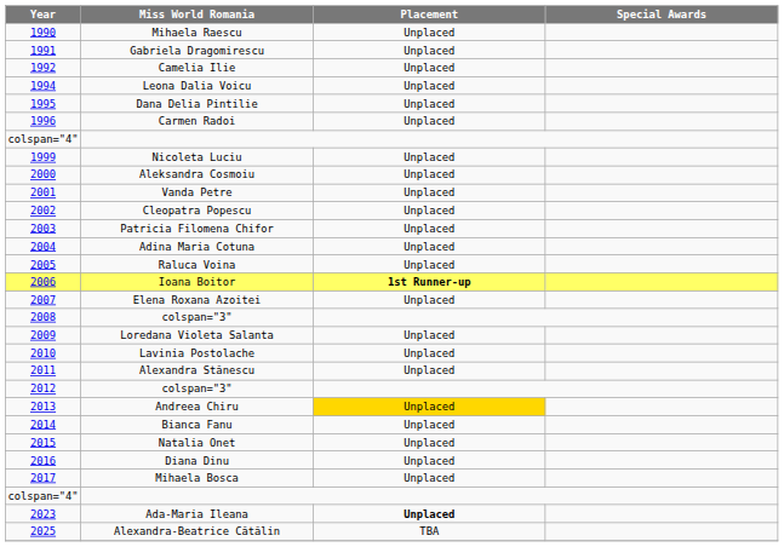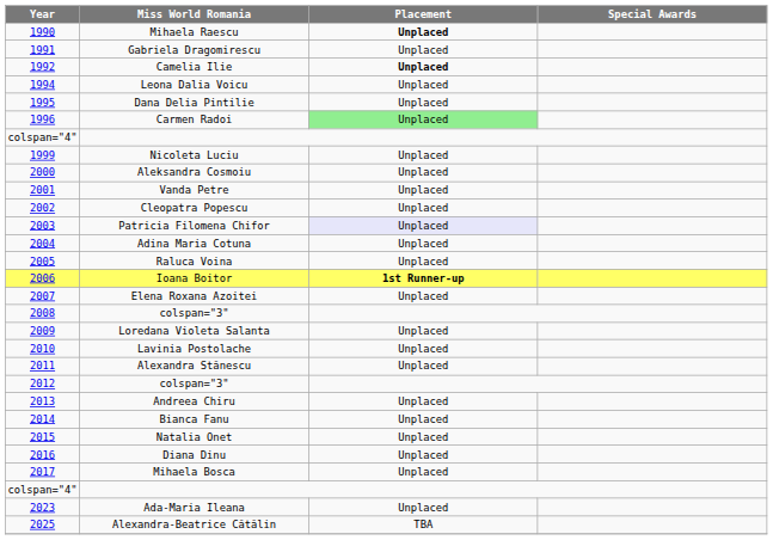 <table class="wikitable sortable" style="font-size: 90%; text-align:center">
 <tr>
 <th width="60" style="background-color:#787878;color:#FFFFFF;">Year</th>
 <th width="250" style="background-color:#787878;color:#FFFFFF;">Miss World Romania</th>
 <th width="250" style="background-color:#787878;color:#FFFFFF;">Placement</th>
 <th width="250" style="background-color:#787878;color:#FFFFFF;">Special Awards</th>
 </tr>
 <tr>
 <td><a href='#'>1990</a></td>
 <td>Mihaela Raescu</td>
-<td>Unplaced</td>
+<td><strong>Unplaced</strong></td>
 <td></td>
 </tr>
 <tr>
 <td><a href='#'>1991</a></td>
 <td>Gabriela Dragomirescu</td>
 <td>Unplaced</td>
 <td></td>
 </tr>
 <tr>
 <td><a href='#'>1992</a></td>
 <td>Camelia Ilie</td>
-<td>Unplaced</td>
+<td><strong>Unplaced</strong></td>
 <td></td>
 </tr>
 <tr>
 <td><a href='#'>1994</a></td>
 <td>Leona Dalia Voicu</td>
 <td>Unplaced</td>
 <td></td>
 </tr>
 <tr>
 <td><a href='#'>1995</a></td>
 <td>Dana Delia Pintilie</td>
 <td>Unplaced</td>
 <td></td>
 </tr>
 <tr>
 <td><a href='#'>1996</a></td>
 <td>Carmen Radoi</td>
-<td>Unplaced</td>
+<td style="background: lightgreen;">Unplaced</td>
 <td></td>
 </tr>
 <tr>
 <td>colspan="4" </td>
 </tr>
 <tr>
 <td><a href='#'>1999</a></td>
 <td>Nicoleta Luciu</td>
 <td>Unplaced</td>
 <td></td>
 </tr>
 <tr>
 <td><a href='#'>2000</a></td>
 <td>Aleksandra Cosmoiu</td>
 <td>Unplaced</td>
 <td></td>
 </tr>
 <tr>
 <td><a href='#'>2001</a></td>
 <td>Vanda Petre</td>
 <td>Unplaced</td>
 <td></td>
 </tr>
 <tr>
 <td><a href='#'>2002</a></td>
 <td>Cleopatra Popescu</td>
 <td>Unplaced</td>
 <td></td>
 </tr>
 <tr>
 <td><a href='#'>2003</a></td>
 <td>Patricia Filomena Chifor</td>
-<td>Unplaced</td>
+<td style="background: lavender;">Unplaced</td>
 <td></td>
 </tr>
 <tr>
 <td><a href='#'>2004</a></td>
 <td>Adina Maria Cotuna</td>
 <td>Unplaced</td>
 <td></td>
 </tr>
 <tr>
 <td><a href='#'>2005</a></td>
 <td>Raluca Voina</td>
 <td>Unplaced</td>
 <td></td>
 </tr>
 <tr style="background:#FFFF66;">
 <td><a href='#'>2006</a></td>
 <td>Ioana Boitor</td>
 <td><strong>1st Runner-up</strong></td>
 <td></td>
 </tr>
 <tr>
 <td><a href='#'>2007</a></td>
 <td>Elena Roxana Azoitei</td>
 <td>Unplaced</td>
 <td></td>
 </tr>
 <tr>
 <td><a href='#'>2008</a></td>
 <td>colspan="3" </td>
 </tr>
 <tr>
 <td><a href='#'>2009</a></td>
 <td>Loredana Violeta Salanta</td>
 <td>Unplaced</td>
 <td></td>
 </tr>
 <tr>
 <td><a href='#'>2010</a></td>
 <td>Lavinia Postolache</td>
 <td>Unplaced</td>
 <td></td>
 </tr>
 <tr>
 <td><a href='#'>2011</a></td>
 <td>Alexandra Stănescu</td>
 <td>Unplaced</td>
 <td></td>
 </tr>
 <tr>
 <td><a href='#'>2012</a></td>
 <td>colspan="3" </td>
 </tr>
 <tr>
 <td><a href='#'>2013</a></td>
 <td>Andreea Chiru</td>
-<td style="background: gold;">Unplaced</td>
+<td>Unplaced</td>
 <td></td>
 </tr>
 <tr>
 <td><a href='#'>2014</a></td>
 <td>Bianca Fanu</td>
 <td>Unplaced</td>
 <td></td>
 </tr>
 <tr>
 <td><a href='#'>2015</a></td>
 <td>Natalia Onet</td>
 <td>Unplaced</td>
 <td></td>
 </tr>
 <tr>
 <td><a href='#'>2016</a></td>
 <td>Diana Dinu</td>
 <td>Unplaced</td>
 <td></td>
 </tr>
 <tr>
 <td><a href='#'>2017</a></td>
 <td>Mihaela Bosca</td>
 <td>Unplaced</td>
 <td></td>
 </tr>
 <tr>
 <td>colspan="4" </td>
 </tr>
 <tr>
 <td><a href='#'>2023</a></td>
 <td>Ada-Maria Ileana</td>
-<td><strong>Unplaced</strong></td>
+<td>Unplaced</td>
 <td></td>
 </tr>
 <tr>
 <td><a href='#'>2025</a></td>
 <td>Alexandra-Beatrice Cătălin</td>
 <td>TBA</td>
 <td></td>
 </tr>
 <tr>
 </tr>
 </table>
